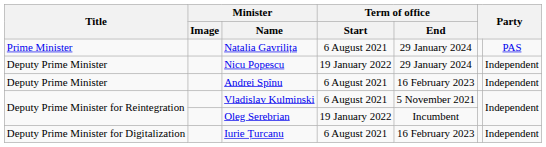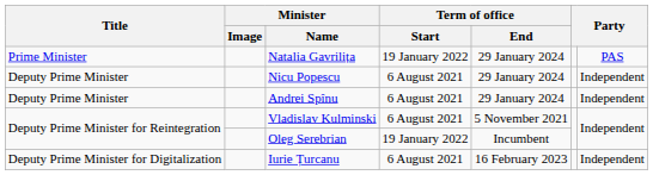 <table class="wikitable sortable" style="text-align:left">
 <tr>
 <th rowspan="2">Title</th>
 <th colspan="2">Minister</th>
 <th colspan="2">Term of office</th>
 <th rowspan="2" colspan="2">Party</th>
 </tr>
 <tr>
 <th class="unsortable">Image</th>
 <th>Name</th>
 <th data-sort-type=date>Start</th>
 <th data-sort-type=date>End</th>
 </tr>
 <tr>
 <td><a href='#'>Prime Minister</a></td>
 <td></td>
 <td><a href='#'>Natalia Gavrilița</a></td>
-<td style="text-align:center">6 August 2021</td>
+<td style="text-align:center">19 January 2022</td>
 <td style="text-align:center">29 January 2024</td>
 <td style="color:inherit;background:"></td>
 <td style="text-align:center"><a href='#'>PAS</a></td>
 </tr>
 <tr>
 <td>Deputy Prime Minister</td>
 <td></td>
 <td><a href='#'>Nicu Popescu</a></td>
-<td style="text-align:center">19 January 2022</td>
+<td style="text-align:center">6 August 2021</td>
 <td style="text-align:center">29 January 2024</td>
 <td style="color:inherit;background:"></td>
 <td style="text-align:center">Independent</td>
 </tr>
 <tr>
 <td>Deputy Prime Minister</td>
 <td></td>
 <td><a href='#'>Andrei Spînu</a></td>
 <td style="text-align:center">6 August 2021</td>
-<td style="text-align:center">16 February 2023</td>
+<td style="text-align:center">29 January 2024</td>
 <td style="color:inherit;background:"></td>
 <td style="text-align:center">Independent</td>
 </tr>
 <tr>
 <td rowspan="2">Deputy Prime Minister for Reintegration</td>
 <td></td>
 <td><a href='#'>Vladislav Kulminski</a></td>
 <td style="text-align:center">6 August 2021</td>
 <td style="text-align:center">5 November 2021</td>
 <td rowspan="2" style="color:inherit;background:"></td>
 <td rowspan="2" style="text-align:center">Independent</td>
 </tr>
 <tr>
 <td></td>
 <td><a href='#'>Oleg Serebrian</a></td>
 <td style="text-align:center">19 January 2022</td>
 <td style="text-align:center">Incumbent</td>
 </tr>
 <tr>
 <td>Deputy Prime Minister for Digitalization</td>
 <td></td>
 <td><a href='#'>Iurie Țurcanu</a></td>
 <td style="text-align:center">6 August 2021</td>
 <td style="text-align:center">16 February 2023</td>
 <td style="color:inherit;background:"></td>
 <td style="text-align:center">Independent</td>
 </tr>
 </table>
